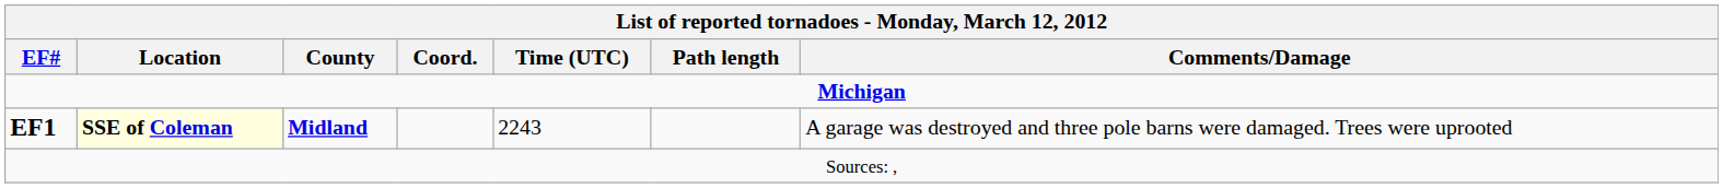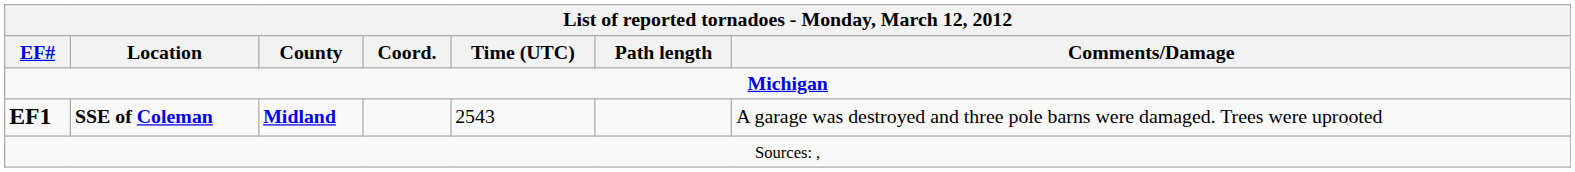 <table class="wikitable collapsible" width="100%">
 <tr>
 <th colspan="7">List of reported tornadoes - Monday, March 12, 2012</th>
 </tr>
 <tr>
 <th><a href='#'>EF#</a></th>
 <th>Location</th>
 <th>County</th>
 <th>Coord.</th>
 <th>Time (UTC)</th>
 <th>Path length</th>
 <th>Comments/Damage</th>
 </tr>
 <tr>
 <td colspan="7" align=center><strong><a href='#'>Michigan</a></strong></td>
 </tr>
 <tr>
 <td><big><strong>EF1</strong></big></td>
-<td style="background: lightyellow;"><strong>SSE of <a href='#'>Coleman</a></strong></td>
+<td><strong>SSE of <a href='#'>Coleman</a></strong></td>
 <td><strong><a href='#'>Midland</a></strong></td>
 <td></td>
-<td>2243</td>
+<td>2543</td>
 <td></td>
 <td>A garage was destroyed and three pole barns were damaged. Trees were uprooted</td>
 </tr>
 <tr>
 <td colspan="7" align=center><small>Sources: , </small></td>
 </tr>
 </table>
